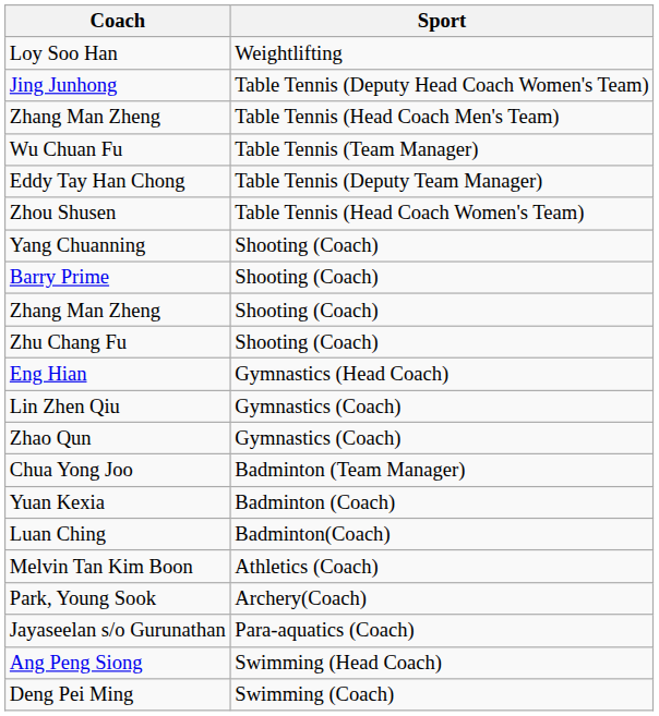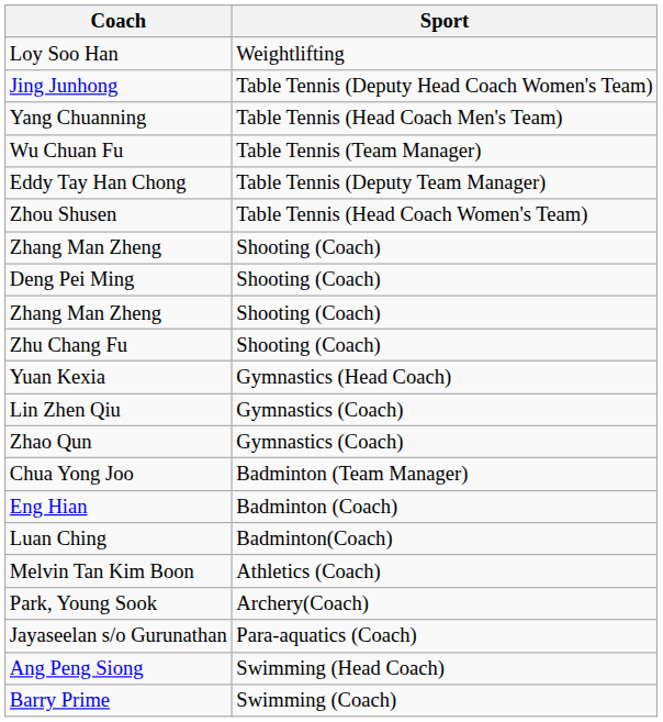 <table class="wikitable">
 <tr>
 <th>Coach</th>
 <th>Sport</th>
 </tr>
 <tr>
 <td>Loy Soo Han</td>
 <td>Weightlifting</td>
 </tr>
 <tr>
 <td><a href='#'>Jing Junhong</a></td>
 <td>Table Tennis (Deputy Head Coach Women's Team)</td>
 </tr>
 <tr>
-<td>Zhang Man Zheng</td>
+<td>Yang Chuanning</td>
 <td>Table Tennis (Head Coach Men's Team)</td>
 </tr>
 <tr>
 <td>Wu Chuan Fu</td>
 <td>Table Tennis (Team Manager)</td>
 </tr>
 <tr>
 <td>Eddy Tay Han Chong</td>
 <td>Table Tennis (Deputy Team Manager)</td>
 </tr>
 <tr>
 <td>Zhou Shusen</td>
 <td>Table Tennis (Head Coach Women's Team)</td>
 </tr>
 <tr>
-<td>Yang Chuanning</td>
+<td>Zhang Man Zheng</td>
 <td>Shooting (Coach)</td>
 </tr>
 <tr>
-<td><a href='#'>Barry Prime</a></td>
+<td>Deng Pei Ming</td>
 <td>Shooting (Coach)</td>
 </tr>
 <tr>
 <td>Zhang Man Zheng</td>
 <td>Shooting (Coach)</td>
 </tr>
 <tr>
 <td>Zhu Chang Fu</td>
 <td>Shooting (Coach)</td>
 </tr>
 <tr>
-<td><a href='#'>Eng Hian</a></td>
+<td>Yuan Kexia</td>
 <td>Gymnastics (Head Coach)</td>
 </tr>
 <tr>
 <td>Lin Zhen Qiu</td>
 <td>Gymnastics (Coach)</td>
 </tr>
 <tr>
 <td>Zhao Qun</td>
 <td>Gymnastics (Coach)</td>
 </tr>
 <tr>
 <td>Chua Yong Joo</td>
 <td>Badminton (Team Manager)</td>
 </tr>
 <tr>
-<td>Yuan Kexia</td>
+<td><a href='#'>Eng Hian</a></td>
 <td>Badminton (Coach)</td>
 </tr>
 <tr>
 <td>Luan Ching</td>
 <td>Badminton(Coach)</td>
 </tr>
 <tr>
 <td>Melvin Tan Kim Boon</td>
 <td>Athletics (Coach)</td>
 </tr>
 <tr>
 <td>Park, Young Sook</td>
 <td>Archery(Coach)</td>
 </tr>
 <tr>
 <td>Jayaseelan s/o Gurunathan</td>
 <td>Para-aquatics (Coach)</td>
 </tr>
 <tr>
 <td><a href='#'>Ang Peng Siong</a></td>
 <td>Swimming (Head Coach)</td>
 </tr>
 <tr>
-<td>Deng Pei Ming</td>
+<td><a href='#'>Barry Prime</a></td>
 <td>Swimming (Coach)</td>
 </tr>
 </table>
